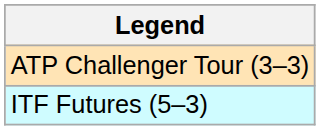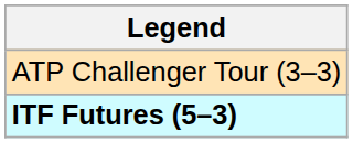 <table class=wikitable style=font-size:90%>
 <tr>
 <th>Legend</th>
 </tr>
 <tr bgcolor=moccasin>
 <td>ATP Challenger Tour (3–3)</td>
 </tr>
 <tr bgcolor=CFFCFF>
-<td>ITF Futures (5–3)</td>
+<td><strong>ITF Futures (5–3)</strong></td>
 </tr>
 </table>
